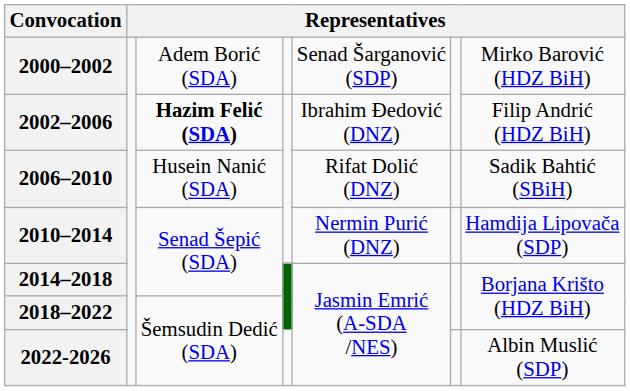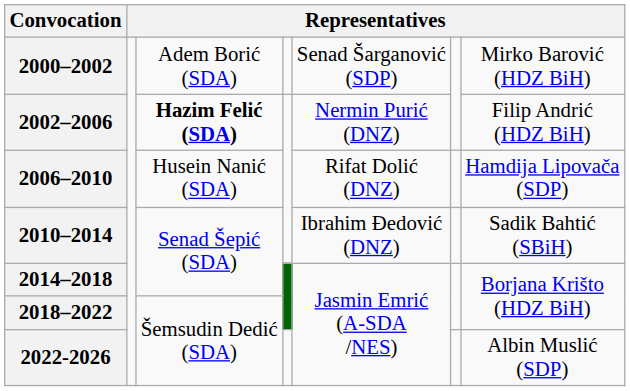 <table class="wikitable" style="text-align:center">
 <tr>
 <th>Convocation</th>
 <th colspan=6>Representatives</th>
 </tr>
 <tr>
 <th>2000–2002</th>
 <td rowspan=7; style="background-color: "></td>
 <td>Adem Borić<br>(<a href='#'>SDA</a>)</td>
 <td rowspan=1; style="background-color: "></td>
 <td>Senad Šarganović<br>(<a href='#'>SDP</a>)</td>
 <td rowspan=2; style="background-color: "></td>
 <td>Mirko Barović<br>(<a href='#'>HDZ BiH</a>)</td>
 </tr>
 <tr>
 <th>2002–2006</th>
 <td><strong>Hazim Felić<br>(<a href='#'>SDA</a>)</strong></td>
 <td rowspan=3; style="background-color: "></td>
-<td>Ibrahim Ðedović<br>(<a href='#'>DNZ</a>)</td>
+<td><a href='#'>Nermin Purić</a><br>(<a href='#'>DNZ</a>)</td>
 <td>Filip Andrić<br>(<a href='#'>HDZ BiH</a>)</td>
 </tr>
 <tr>
 <th>2006–2010</th>
 <td>Husein Nanić<br>(<a href='#'>SDA</a>)</td>
 <td>Rifat Dolić<br>(<a href='#'>DNZ</a>)</td>
 <td rowspan=1; style="background-color: "></td>
-<td>Sadik Bahtić<br>(<a href='#'>SBiH</a>)</td>
+<td><a href='#'>Hamdija Lipovača</a><br>(<a href='#'>SDP</a>)</td>
 </tr>
 <tr>
 <th>2010–2014</th>
 <td rowspan=2><a href='#'>Senad Šepić</a><br>(<a href='#'>SDA</a>)</td>
-<td><a href='#'>Nermin Purić</a><br>(<a href='#'>DNZ</a>)</td>
+<td>Ibrahim Ðedović<br>(<a href='#'>DNZ</a>)</td>
 <td rowspan=1; style="background-color: "></td>
-<td><a href='#'>Hamdija Lipovača</a><br>(<a href='#'>SDP</a>)</td>
+<td>Sadik Bahtić<br>(<a href='#'>SBiH</a>)</td>
 </tr>
 <tr>
 <th>2014–2018</th>
 <td rowspan=2; style="background:darkgreen"></td>
 <td rowspan=3><a href='#'>Jasmin Emrić</a><br>(<a href='#'>A-SDA</a><br>/<a href='#'>NES</a>)</td>
 <td rowspan=2; style="background-color: "></td>
 <td rowspan=2><a href='#'>Borjana Krišto</a><br>(<a href='#'>HDZ BiH</a>)</td>
 </tr>
 <tr>
 <th>2018–2022</th>
 <td rowspan=2>Šemsudin Dedić<br>(<a href='#'>SDA</a>)</td>
 </tr>
 <tr>
 <th>2022-2026</th>
 <td rowspan=1; style="background-color: "></td>
 <td rowspan=1; style="background-color: "></td>
 <td>Albin Muslić<br>(<a href='#'>SDP</a>)</td>
 </tr>
 </table>
